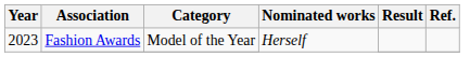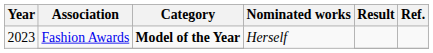 <table class="wikitable sortable">
 <tr>
 <th>Year</th>
 <th>Association</th>
 <th>Category</th>
 <th>Nominated works</th>
 <th>Result</th>
 <th>Ref.</th>
 </tr>
 <tr>
 <td rowspan=2>2023</td>
 <td><a href='#'>Fashion Awards</a></td>
-<td>Model of the Year</td>
+<td><strong>Model of the Year</strong></td>
 <td rowspan=5><em>Herself</em></td>
 <td></td>
 <td></td>
 </tr>
 <tr>
 </tr>
 </table>
